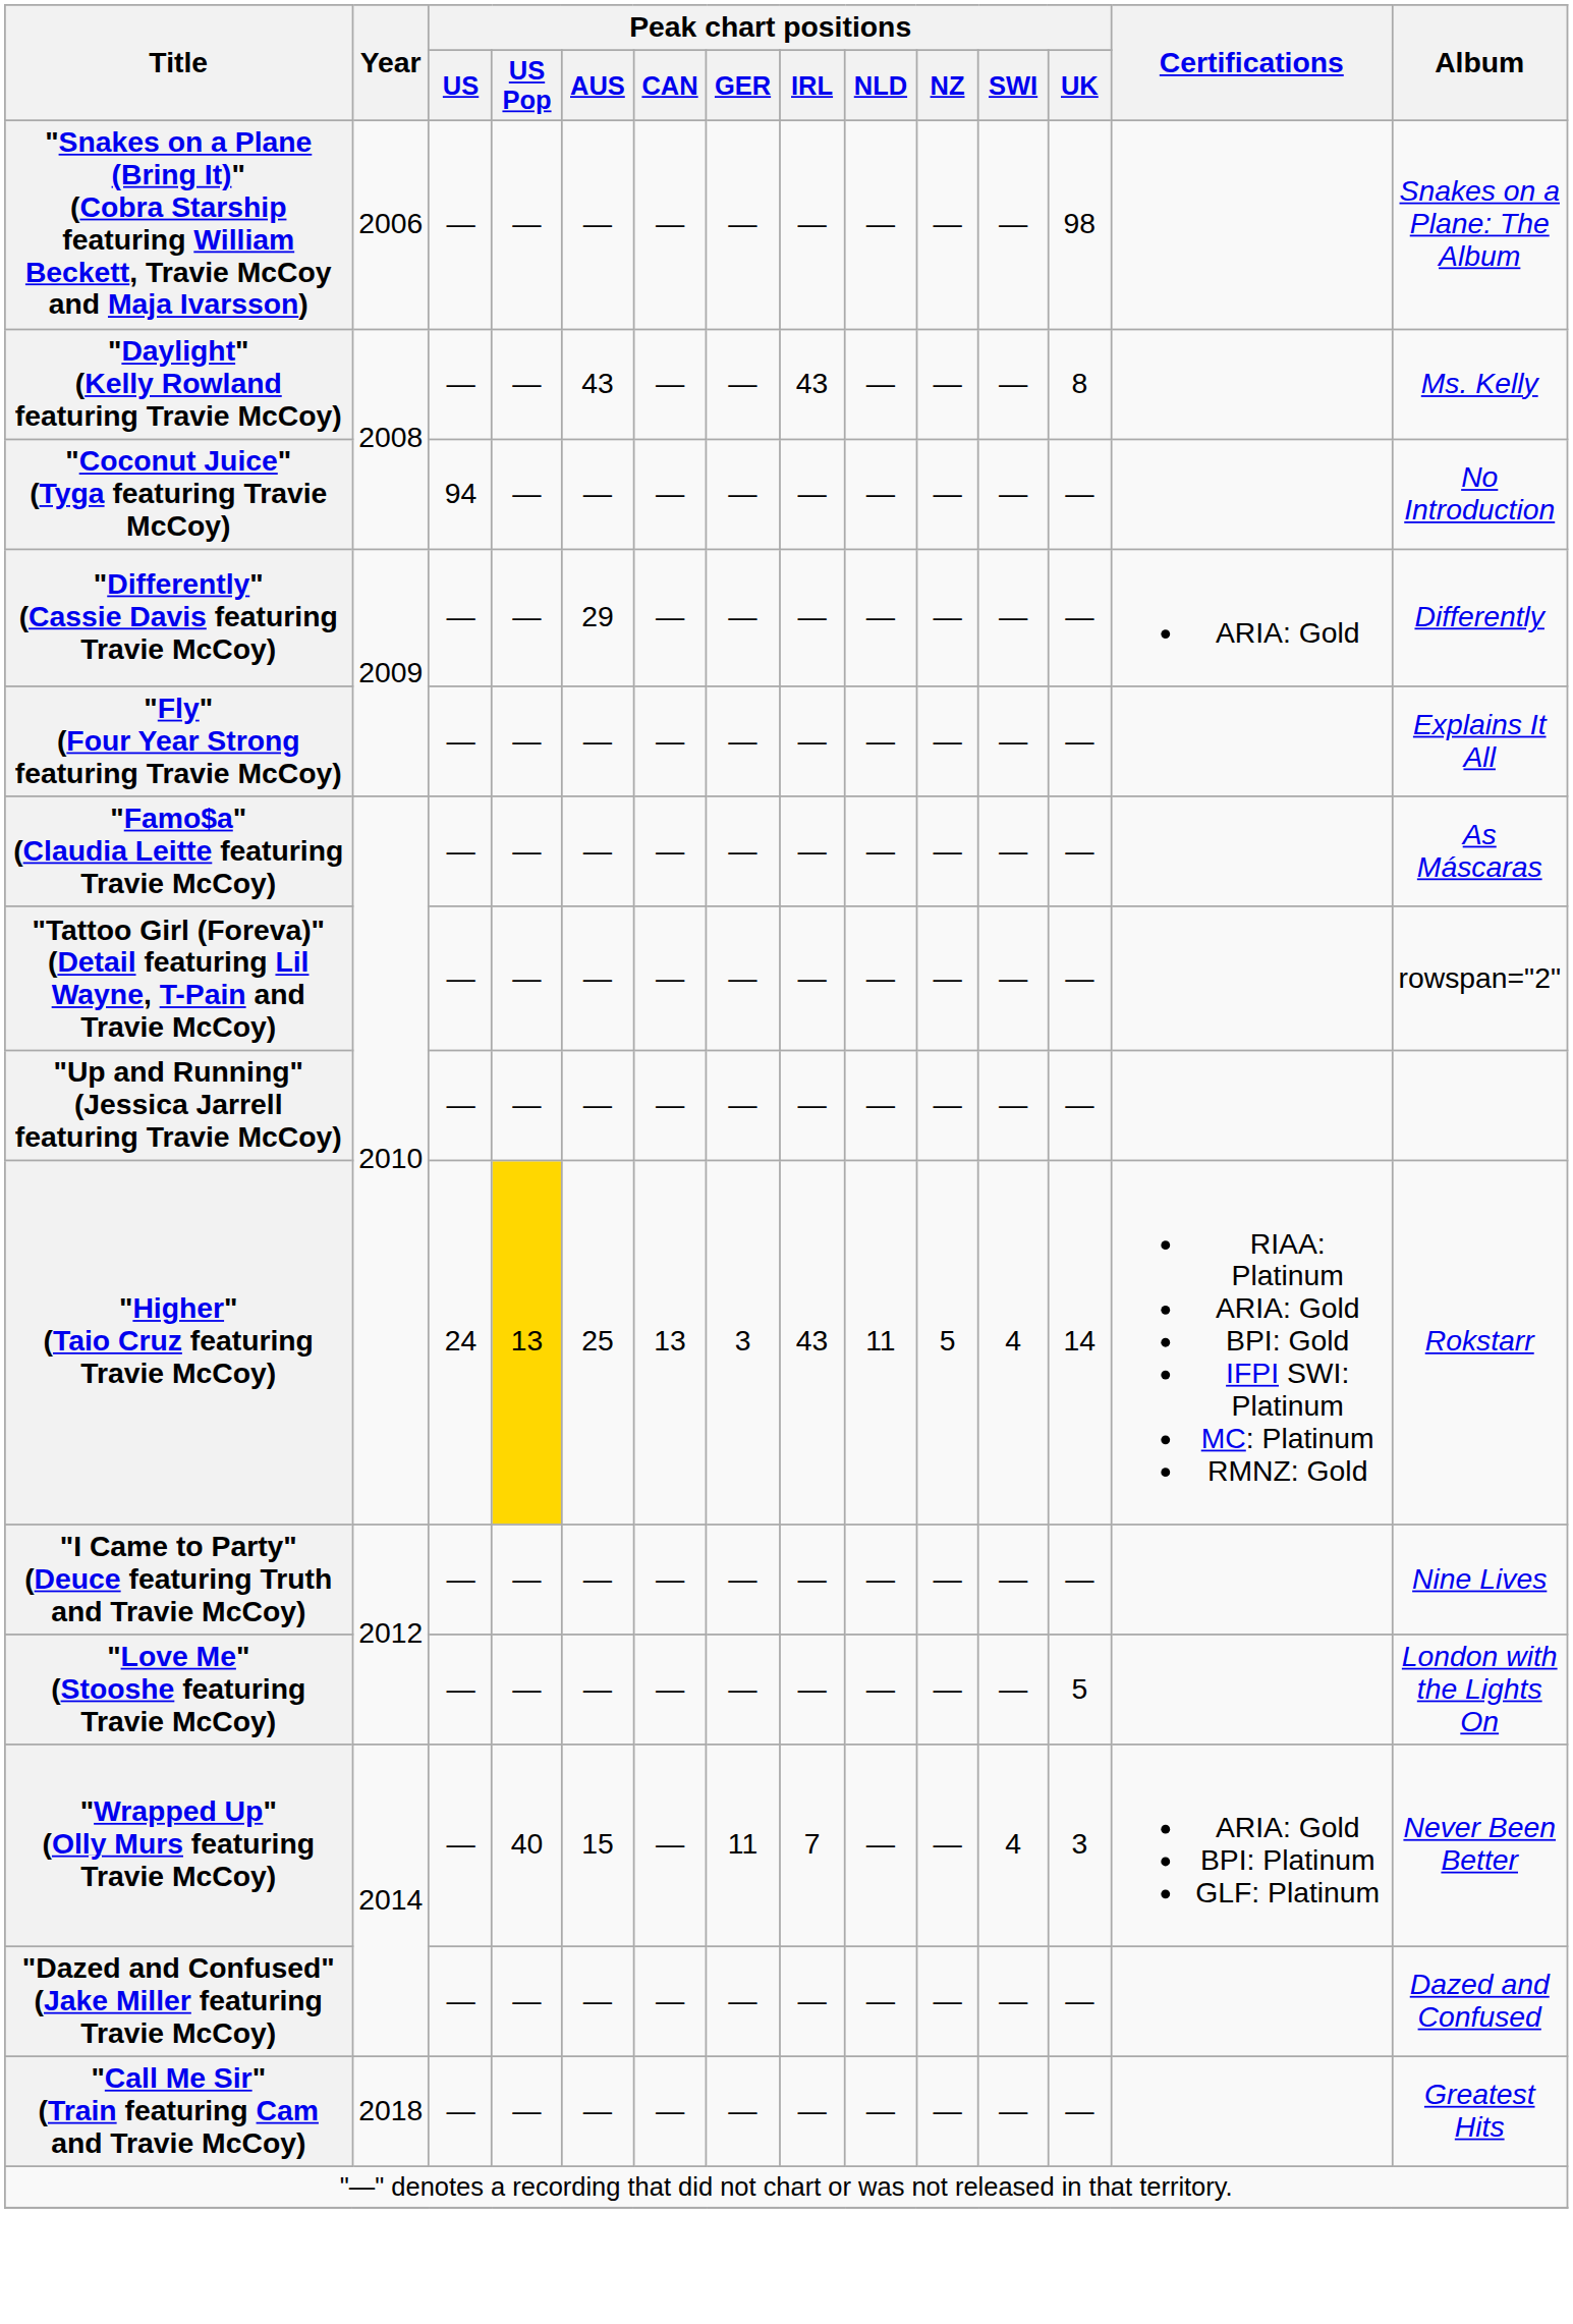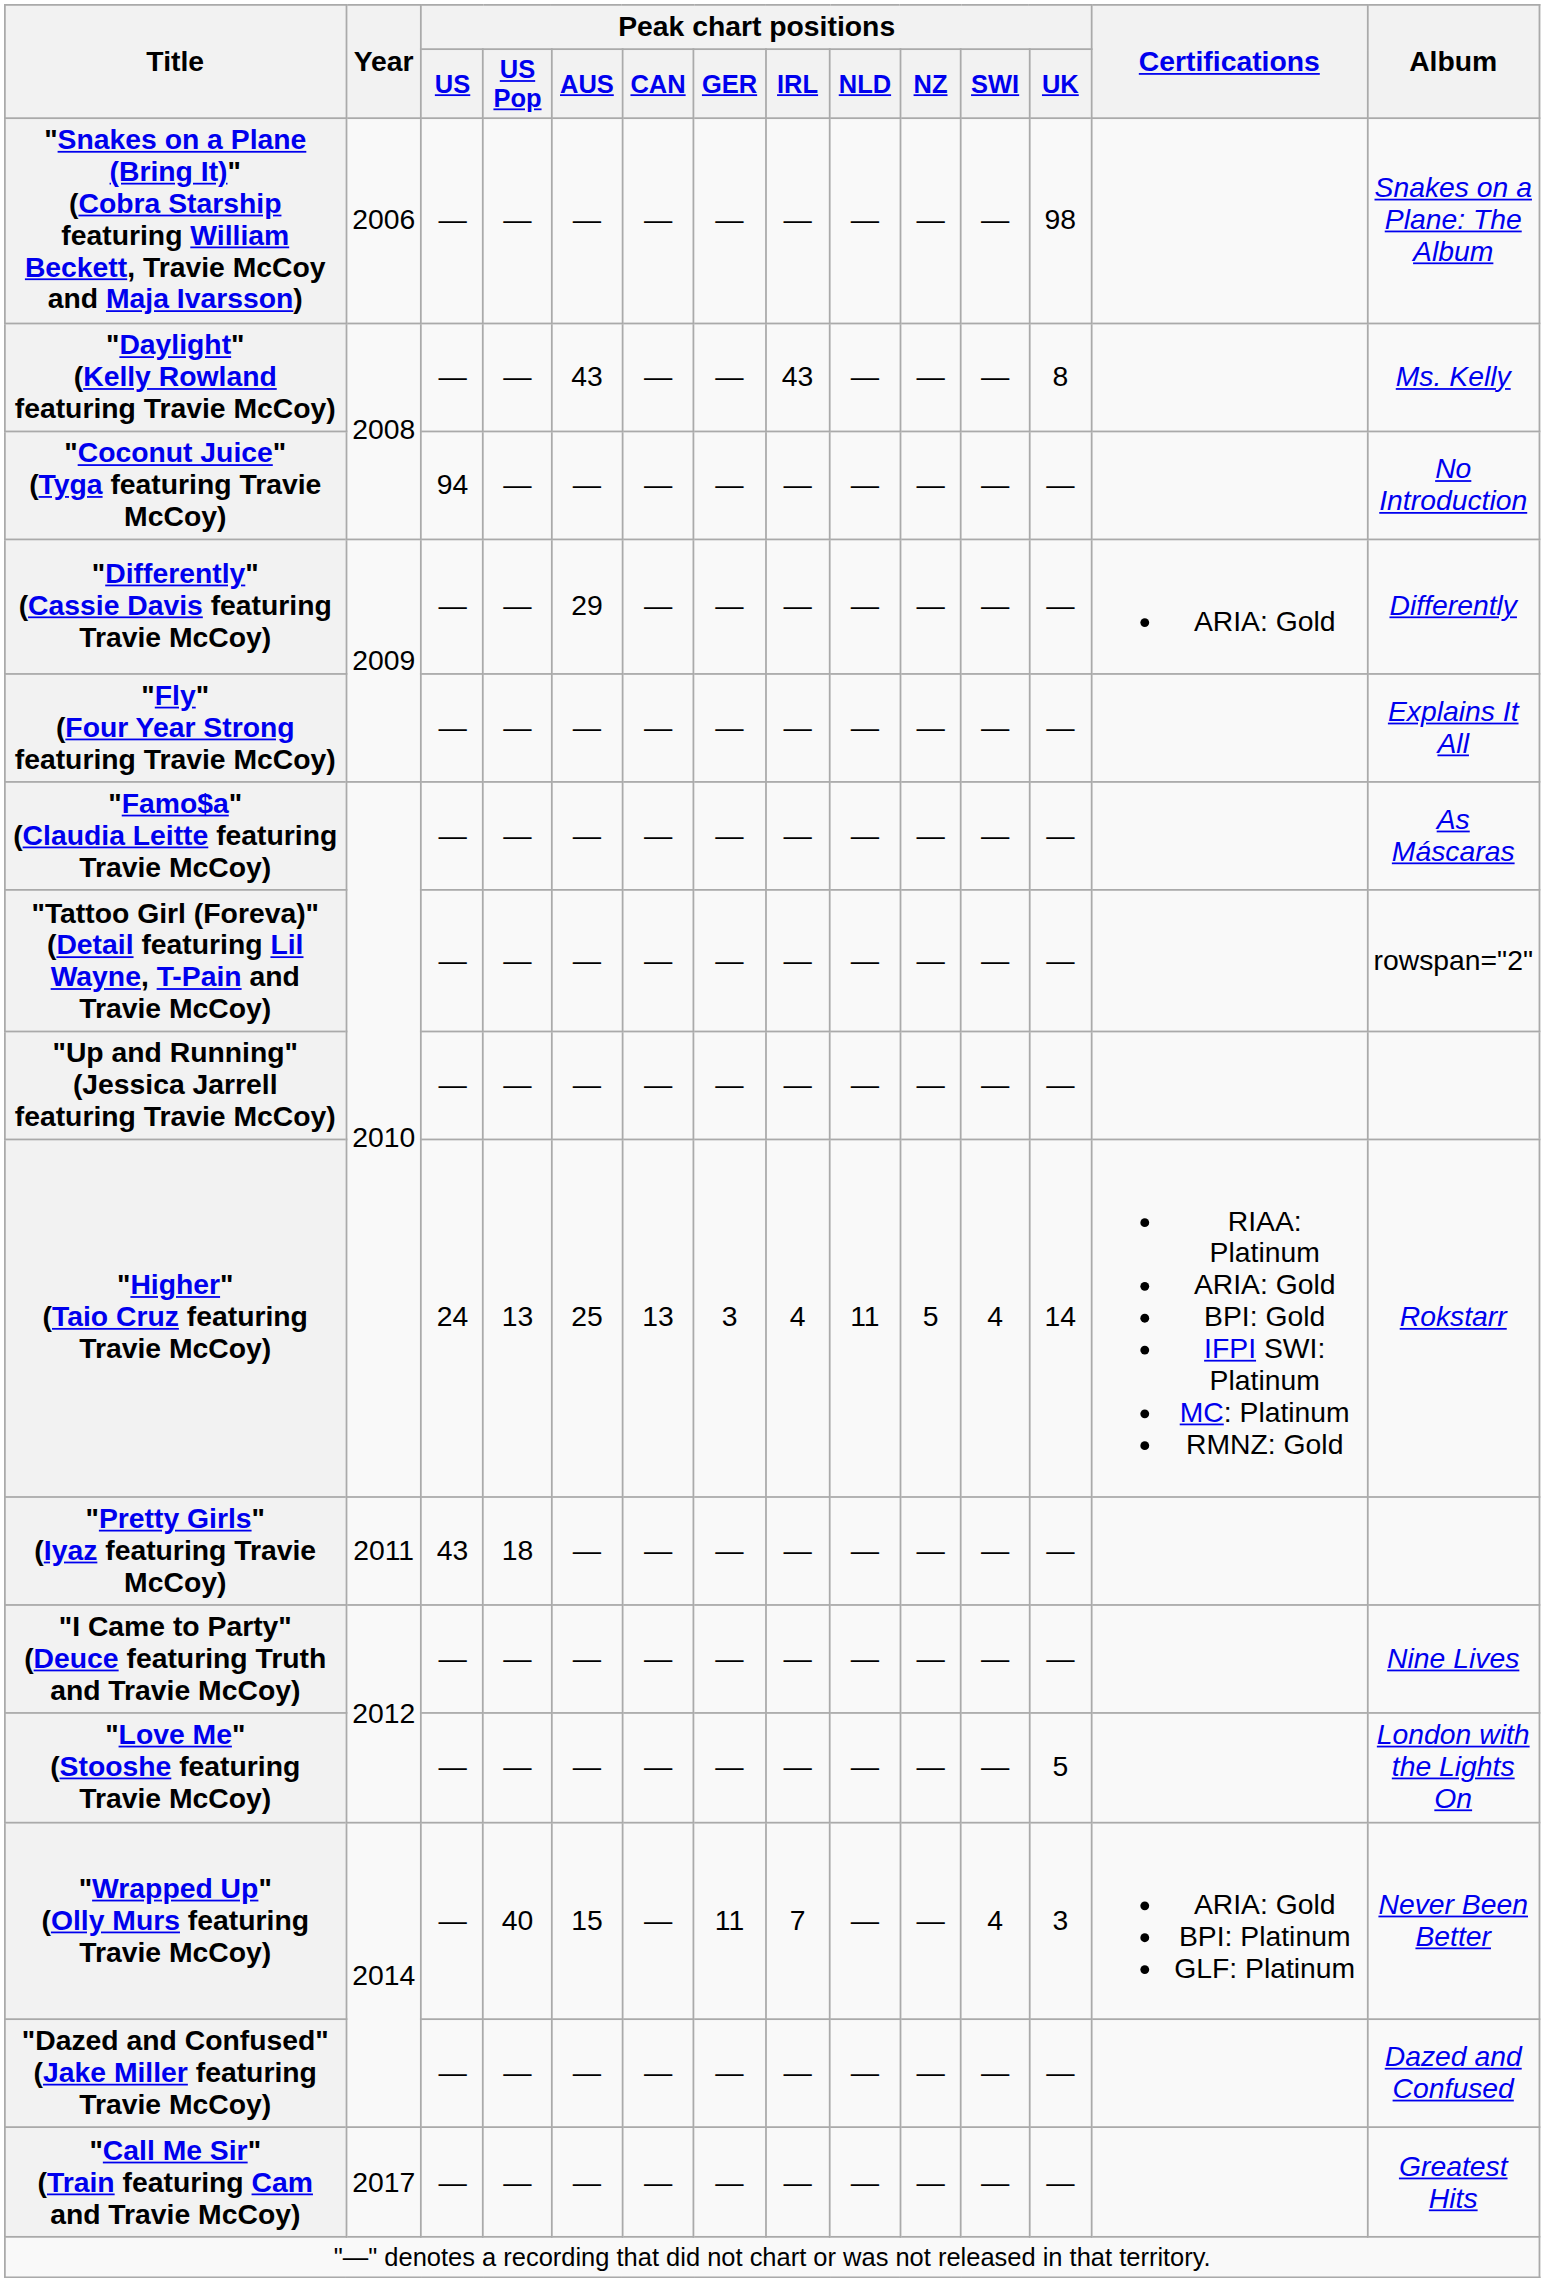 <table class="wikitable plainrowheaders" style="text-align:center;">
 <tr>
 <th scope="col" rowspan="2" style="width:17em;">Title</th>
 <th scope="col" rowspan="2">Year</th>
 <th scope="col" colspan="10">Peak chart positions</th>
 <th scope="col" rowspan="2" style="width:12em;"><a href='#'>Certifications</a></th>
 <th scope="col" rowspan="2">Album</th>
 </tr>
 <tr>
 <th scope="col" style="width:2.5em;font-size:90%;"><a href='#'>US</a><br></th>
 <th scope="col" style="width:2.5em;font-size:90%;"><a href='#'>US<br>Pop</a><br></th>
 <th scope="col" style="width:2.5em;font-size:90%;"><a href='#'>AUS</a><br></th>
 <th scope="col" style="width:2.5em;font-size:90%;"><a href='#'>CAN</a><br></th>
 <th scope="col" style="width:2.5em;font-size:90%;"><a href='#'>GER</a><br></th>
 <th scope="col" style="width:2.5em;font-size:90%;"><a href='#'>IRL</a><br></th>
 <th scope="col" style="width:2.5em;font-size:90%;"><a href='#'>NLD</a><br></th>
 <th scope="col" style="width:2.5em;font-size:90%;"><a href='#'>NZ</a><br></th>
 <th scope="col" style="width:2.5em;font-size:90%;"><a href='#'>SWI</a><br></th>
 <th scope="col" style="width:2.5em;font-size:90%;"><a href='#'>UK</a><br></th>
 </tr>
 <tr>
 <th scope="row">"<a href='#'>Snakes on a Plane (Bring It)</a>"<br><span>(<a href='#'>Cobra Starship</a> featuring <a href='#'>William Beckett</a>, Travie McCoy and <a href='#'>Maja Ivarsson</a>)</span></th>
 <td>2006</td>
 <td>—</td>
 <td>—</td>
 <td>—</td>
 <td>—</td>
 <td>—</td>
 <td>—</td>
 <td>—</td>
 <td>—</td>
 <td>—</td>
 <td>98</td>
 <td></td>
 <td><em><a href='#'>Snakes on a Plane: The Album</a></em></td>
 </tr>
 <tr>
 <th scope="row">"<a href='#'>Daylight</a>"<br><span>(<a href='#'>Kelly Rowland</a> featuring Travie McCoy)</span></th>
 <td rowspan="2">2008</td>
 <td>—</td>
 <td>—</td>
 <td>43</td>
 <td>—</td>
 <td>—</td>
 <td>43</td>
 <td>—</td>
 <td>—</td>
 <td>—</td>
 <td>8</td>
 <td></td>
 <td><em><a href='#'>Ms. Kelly</a></em></td>
 </tr>
 <tr>
 <th scope="row">"<a href='#'>Coconut Juice</a>"<br><span>(<a href='#'>Tyga</a> featuring Travie McCoy)</span></th>
 <td>94</td>
 <td>—</td>
 <td>—</td>
 <td>—</td>
 <td>—</td>
 <td>—</td>
 <td>—</td>
 <td>—</td>
 <td>—</td>
 <td>—</td>
 <td></td>
 <td><em><a href='#'>No Introduction</a></em></td>
 </tr>
 <tr>
 <th scope="row">"<a href='#'>Differently</a>"<br><span>(<a href='#'>Cassie Davis</a> featuring Travie McCoy)</span></th>
 <td rowspan="2">2009</td>
 <td>—</td>
 <td>—</td>
 <td>29</td>
 <td>—</td>
 <td>—</td>
 <td>—</td>
 <td>—</td>
 <td>—</td>
 <td>—</td>
 <td>—</td>
 <td><br><ul><li>ARIA: Gold</li></ul></td>
 <td><em><a href='#'>Differently</a></em></td>
 </tr>
 <tr>
 <th scope="row">"<a href='#'>Fly</a>"<br><span>(<a href='#'>Four Year Strong</a> featuring Travie McCoy)</span></th>
 <td>—</td>
 <td>—</td>
 <td>—</td>
 <td>—</td>
 <td>—</td>
 <td>—</td>
 <td>—</td>
 <td>—</td>
 <td>—</td>
 <td>—</td>
 <td></td>
 <td><em><a href='#'>Explains It All</a></em></td>
 </tr>
 <tr>
 <th scope="row">"<a href='#'>Famo$a</a>"<br><span>(<a href='#'>Claudia Leitte</a> featuring Travie McCoy)</span></th>
 <td rowspan="4">2010</td>
 <td>—</td>
 <td>—</td>
 <td>—</td>
 <td>—</td>
 <td>—</td>
 <td>—</td>
 <td>—</td>
 <td>—</td>
 <td>—</td>
 <td>—</td>
 <td></td>
 <td><em><a href='#'>As Máscaras</a></em></td>
 </tr>
 <tr>
 <th scope="row">"Tattoo Girl (Foreva)"<br><span>(<a href='#'>Detail</a> featuring <a href='#'>Lil Wayne</a>, <a href='#'>T-Pain</a> and Travie McCoy)</span></th>
 <td>—</td>
 <td>—</td>
 <td>—</td>
 <td>—</td>
 <td>—</td>
 <td>—</td>
 <td>—</td>
 <td>—</td>
 <td>—</td>
 <td>—</td>
 <td></td>
 <td>rowspan="2" </td>
 </tr>
 <tr>
 <th scope="row">"Up and Running"<br><span>(Jessica Jarrell featuring Travie McCoy)</span></th>
 <td>—</td>
 <td>—</td>
 <td>—</td>
 <td>—</td>
 <td>—</td>
 <td>—</td>
 <td>—</td>
 <td>—</td>
 <td>—</td>
 <td>—</td>
 <td></td>
 </tr>
 <tr>
 <th scope="row">"<a href='#'>Higher</a>"<br><span>(<a href='#'>Taio Cruz</a> featuring Travie McCoy)</span></th>
 <td>24</td>
-<td style="background: gold;">13</td>
+<td>13</td>
 <td>25</td>
 <td>13</td>
 <td>3</td>
-<td>43</td>
+<td>4</td>
 <td>11</td>
 <td>5</td>
 <td>4</td>
 <td>14</td>
 <td><br><ul><li>RIAA: Platinum</li><li>ARIA: Gold</li><li>BPI: Gold</li><li><a href='#'>IFPI</a> SWI: Platinum</li><li><a href='#'>MC</a>: Platinum</li><li>RMNZ: Gold</li></ul></td>
 <td><em><a href='#'>Rokstarr</a></em></td>
+</tr>
+<tr>
+<th scope="row">"<a href='#'>Pretty Girls</a>"<br><span>(<a href='#'>Iyaz</a> featuring Travie McCoy)</span></th>
+<td>2011</td>
+<td>43</td>
+<td>18</td>
+<td>—</td>
+<td>—</td>
+<td>—</td>
+<td>—</td>
+<td>—</td>
+<td>—</td>
+<td>—</td>
+<td>—</td>
+<td></td>
+<td></td>
 </tr>
 <tr>
 <th scope="row">"I Came to Party"<br><span>(<a href='#'>Deuce</a> featuring Truth and Travie McCoy)</span></th>
 <td rowspan="2">2012</td>
 <td>—</td>
 <td>—</td>
 <td>—</td>
 <td>—</td>
 <td>—</td>
 <td>—</td>
 <td>—</td>
 <td>—</td>
 <td>—</td>
 <td>—</td>
 <td></td>
 <td><em><a href='#'>Nine Lives</a></em></td>
 </tr>
 <tr>
 <th scope="row">"<a href='#'>Love Me</a>"<br><span>(<a href='#'>Stooshe</a> featuring Travie McCoy)</span></th>
 <td>—</td>
 <td>—</td>
 <td>—</td>
 <td>—</td>
 <td>—</td>
 <td>—</td>
 <td>—</td>
 <td>—</td>
 <td>—</td>
 <td>5</td>
 <td></td>
 <td><em><a href='#'>London with the Lights On</a></em></td>
 </tr>
 <tr>
 <th scope="row">"<a href='#'>Wrapped Up</a>"<br><span>(<a href='#'>Olly Murs</a> featuring Travie McCoy)</span></th>
 <td rowspan="2">2014</td>
 <td>—</td>
 <td>40</td>
 <td>15</td>
 <td>—</td>
 <td>11</td>
 <td>7</td>
 <td>—</td>
 <td>—</td>
 <td>4</td>
 <td>3</td>
 <td><br><ul><li>ARIA: Gold</li><li>BPI: Platinum</li><li>GLF: Platinum</li></ul></td>
 <td><em><a href='#'>Never Been Better</a></em></td>
 </tr>
 <tr>
 <th scope="row">"Dazed and Confused"<br><span>(<a href='#'>Jake Miller</a> featuring Travie McCoy)</span></th>
 <td>—</td>
 <td>—</td>
 <td>—</td>
 <td>—</td>
 <td>—</td>
 <td>—</td>
 <td>—</td>
 <td>—</td>
 <td>—</td>
 <td>—</td>
 <td></td>
 <td><em><a href='#'>Dazed and Confused</a></em></td>
 </tr>
 <tr>
 <th scope="row">"<a href='#'>Call Me Sir</a>"<br><span>(<a href='#'>Train</a> featuring <a href='#'>Cam</a> and Travie McCoy)</span></th>
-<td>2018</td>
+<td>2017</td>
 <td>—</td>
 <td>—</td>
 <td>—</td>
 <td>—</td>
 <td>—</td>
 <td>—</td>
 <td>—</td>
 <td>—</td>
 <td>—</td>
 <td>—</td>
 <td></td>
 <td><em><a href='#'>Greatest Hits</a></em></td>
 </tr>
 <tr>
 <td colspan="14" style="font-size:90%">"—" denotes a recording that did not chart or was not released in that territory.</td>
 </tr>
 <tr>
 </tr>
 </table>
